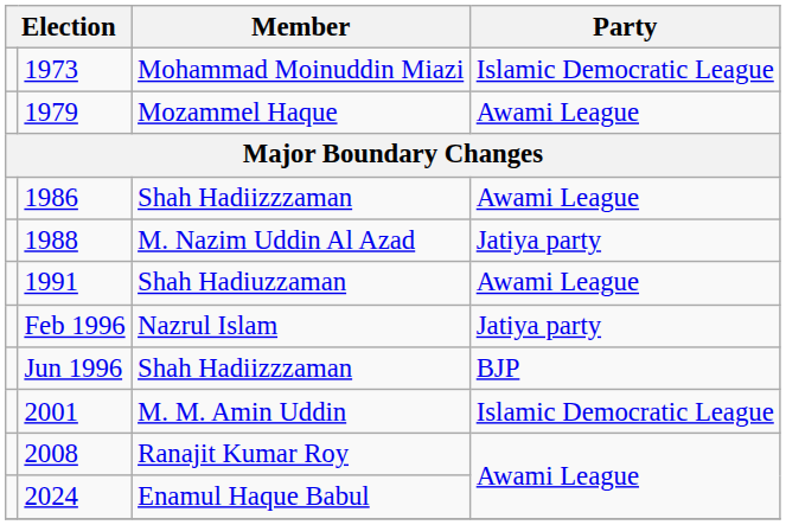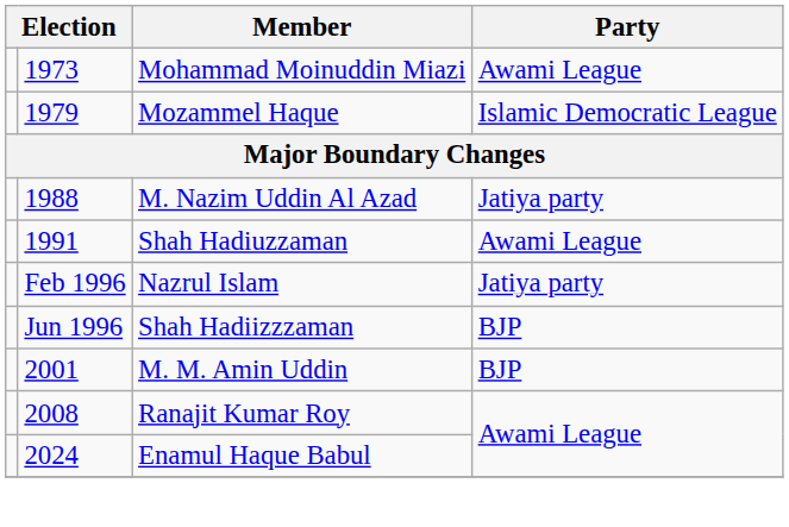 <table class="wikitable">
 <tr>
 <th colspan="2">Election</th>
 <th>Member</th>
 <th>Party</th>
 </tr>
 <tr>
 <td style="background-color:"></td>
 <td><a href='#'>1973</a></td>
 <td><a href='#'>Mohammad Moinuddin Miazi</a></td>
-<td><a href='#'>Islamic Democratic League</a></td>
+<td><a href='#'>Awami League</a></td>
 </tr>
 <tr>
 <td style="background-color:"></td>
 <td><a href='#'>1979</a></td>
 <td><a href='#'>Mozammel Haque</a></td>
-<td><a href='#'>Awami League</a></td>
+<td><a href='#'>Islamic Democratic League</a></td>
 </tr>
 <tr>
 <th colspan="4">Major Boundary Changes</th>
-</tr>
-<tr>
-<td style="background-color:"></td>
-<td><a href='#'>1986</a></td>
-<td><a href='#'>Shah Hadiizzzaman</a></td>
-<td><a href='#'>Awami League</a></td>
 </tr>
 <tr>
 <td style="background-color:"></td>
 <td><a href='#'>1988</a></td>
 <td><a href='#'>M. Nazim Uddin Al Azad</a></td>
 <td><a href='#'>Jatiya party</a></td>
 </tr>
 <tr>
 <td style="background-color:"></td>
 <td><a href='#'>1991</a></td>
 <td><a href='#'>Shah Hadiuzzaman</a></td>
 <td><a href='#'>Awami League</a></td>
 </tr>
 <tr>
 <td style="background-color:"></td>
 <td><a href='#'>Feb 1996</a></td>
 <td><a href='#'>Nazrul Islam</a></td>
 <td><a href='#'>Jatiya party</a></td>
 </tr>
 <tr>
 <td style="background-color:"></td>
 <td><a href='#'>Jun 1996</a></td>
 <td><a href='#'>Shah Hadiizzzaman</a></td>
 <td><a href='#'>BJP</a></td>
 </tr>
 <tr>
 <td style="background-color:"></td>
 <td><a href='#'>2001</a></td>
 <td><a href='#'>M. M. Amin Uddin</a></td>
-<td><a href='#'>Islamic Democratic League</a></td>
+<td><a href='#'>BJP</a></td>
 </tr>
 <tr>
 <td style="background-color:"></td>
 <td><a href='#'>2008</a></td>
 <td><a href='#'>Ranajit Kumar Roy</a></td>
 <td rowspan="2"><a href='#'>Awami League</a></td>
 </tr>
 <tr>
 <td style="background-color:"></td>
 <td><a href='#'>2024</a></td>
 <td><a href='#'>Enamul Haque Babul</a></td>
 </tr>
 <tr>
 </tr>
 </table>
